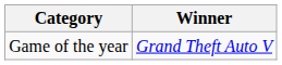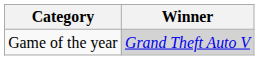 <table class="wikitable">
 <tr>
 <th>Category</th>
 <th>Winner</th>
 </tr>
 <tr>
 <td>Game of the year</td>
-<td><em><a href='#'>Grand Theft Auto V</a></em></td>
+<td style="background: lightgrey;"><em><a href='#'>Grand Theft Auto V</a></em></td>
 </tr>
 </table>
